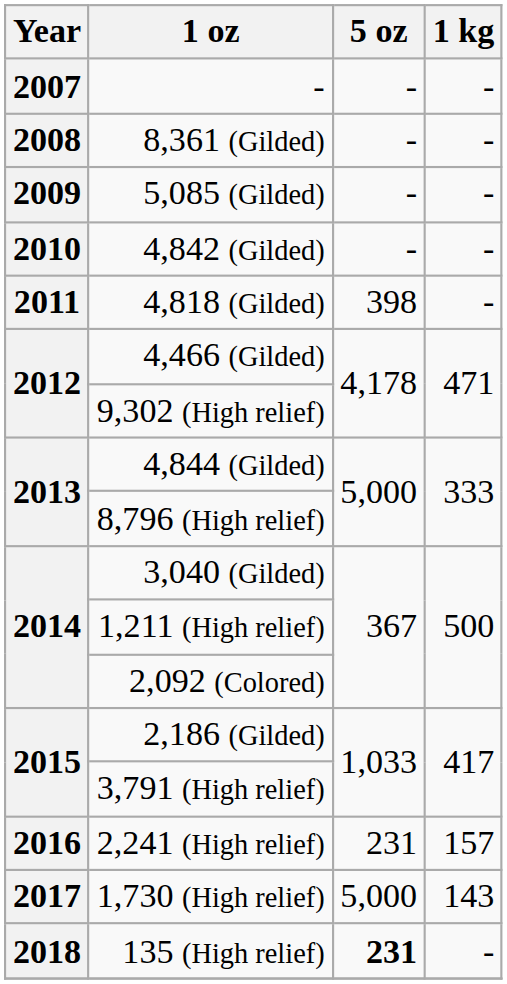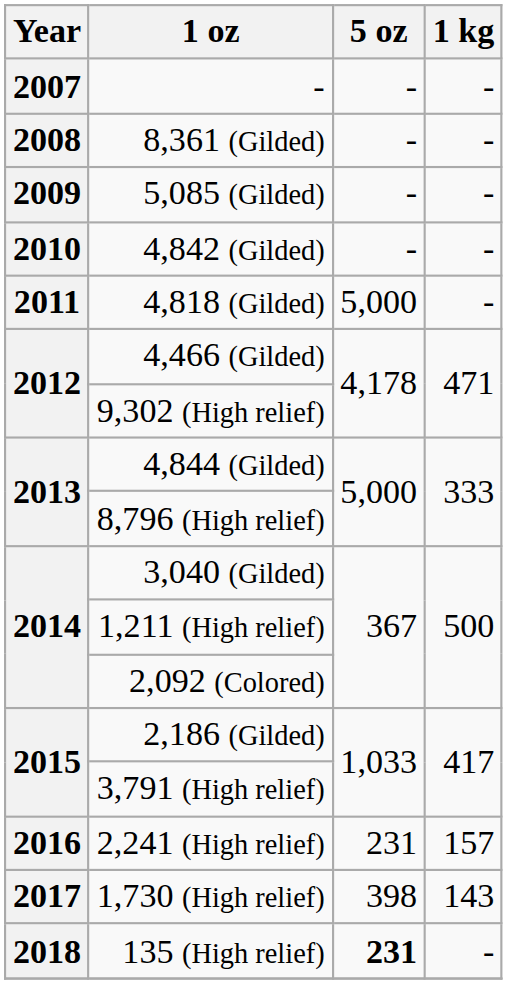 <table class="wikitable" style="text-align:right; display:inline-table;">
 <tr>
 <th>Year</th>
 <th>1 oz</th>
 <th>5 oz</th>
 <th>1 kg</th>
 </tr>
 <tr>
 <th>2007</th>
 <td>-</td>
 <td>-</td>
 <td>-</td>
 </tr>
 <tr>
 <th>2008</th>
 <td>8,361 <small>(Gilded)</small></td>
 <td>-</td>
 <td>-</td>
 </tr>
 <tr>
 <th>2009</th>
 <td>5,085 <small>(Gilded)</small></td>
 <td>-</td>
 <td>-</td>
 </tr>
 <tr>
 <th>2010</th>
 <td>4,842 <small>(Gilded)</small></td>
 <td>-</td>
 <td>-</td>
 </tr>
 <tr>
 <th>2011</th>
 <td>4,818 <small>(Gilded)</small></td>
-<td>398</td>
+<td>5,000</td>
 <td>-</td>
 </tr>
 <tr>
 <th rowspan="2">2012</th>
 <td>4,466 <small>(Gilded)</small></td>
 <td rowspan="2">4,178</td>
 <td rowspan="2">471</td>
 </tr>
 <tr>
 <td>9,302 <small>(High relief)</small></td>
 </tr>
 <tr>
 <th rowspan="2">2013</th>
 <td>4,844 <small>(Gilded)</small></td>
 <td rowspan="2">5,000</td>
 <td rowspan="2">333</td>
 </tr>
 <tr>
 <td>8,796 <small>(High relief)</small></td>
 </tr>
 <tr>
 <th rowspan="3">2014</th>
 <td>3,040 <small>(Gilded)</small></td>
 <td rowspan="3">367</td>
 <td rowspan="3">500</td>
 </tr>
 <tr>
 <td>1,211 <small>(High relief)</small></td>
 </tr>
 <tr>
 <td>2,092 <small>(Colored)</small></td>
 </tr>
 <tr>
 <th rowspan="2">2015</th>
 <td>2,186 <small>(Gilded)</small></td>
 <td rowspan="2">1,033</td>
 <td rowspan="2">417</td>
 </tr>
 <tr>
 <td>3,791 <small>(High relief)</small></td>
 </tr>
 <tr>
 <th>2016</th>
 <td>2,241 <small>(High relief)</small></td>
 <td>231</td>
 <td>157</td>
 </tr>
 <tr>
 <th>2017</th>
 <td>1,730 <small>(High relief)</small></td>
-<td>5,000</td>
+<td>398</td>
 <td>143</td>
 </tr>
 <tr>
 <th>2018</th>
 <td>135 <small>(High relief)</small></td>
 <td><strong>231</strong></td>
 <td>-</td>
 </tr>
 <tr>
 </tr>
 </table>
